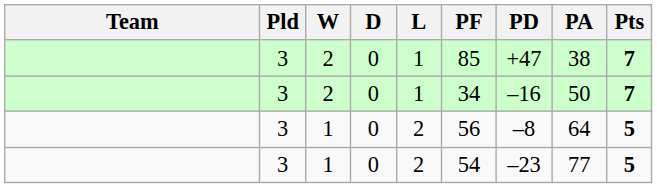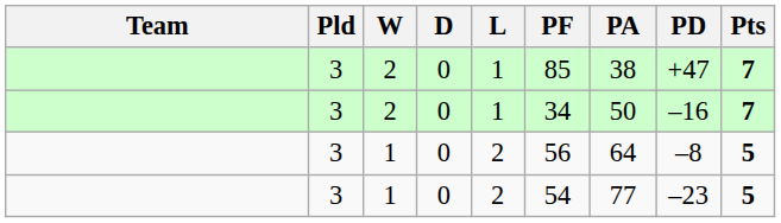 <table class="wikitable" style="text-align:center;">
 <tr>
 <th width=175>Team</th>
 <th width=25 abbr="Played">Pld</th>
 <th width=25 abbr="Won">W</th>
 <th width=25 abbr="Drawn">D</th>
 <th width=25 abbr="Lost">L</th>
 <th width=32 abbr="Points for">PF</th>
+<th width=32 abbr="Points against">PA</th>
 <th width=32 abbr="Points difference">PD</th>
-<th width=32 abbr="Points against">PA</th>
 <th width=25 abbr="Points">Pts</th>
 </tr>
 <tr bgcolor=ccffcc>
 <td align=left></td>
 <td>3</td>
 <td>2</td>
 <td>0</td>
 <td>1</td>
 <td>85</td>
+<td>38</td>
 <td>+47</td>
-<td>38</td>
 <td><strong>7</strong></td>
 </tr>
 <tr bgcolor=ccffcc>
 <td align=left></td>
 <td>3</td>
 <td>2</td>
 <td>0</td>
 <td>1</td>
 <td>34</td>
+<td>50</td>
 <td>–16</td>
-<td>50</td>
 <td><strong>7</strong></td>
 </tr>
 <tr>
 <td align=left></td>
 <td>3</td>
 <td>1</td>
 <td>0</td>
 <td>2</td>
 <td>56</td>
+<td>64</td>
 <td>–8</td>
-<td>64</td>
 <td><strong>5</strong></td>
 </tr>
 <tr>
 <td align=left></td>
 <td>3</td>
 <td>1</td>
 <td>0</td>
 <td>2</td>
 <td>54</td>
+<td>77</td>
 <td>–23</td>
-<td>77</td>
 <td><strong>5</strong></td>
 </tr>
 </table>
